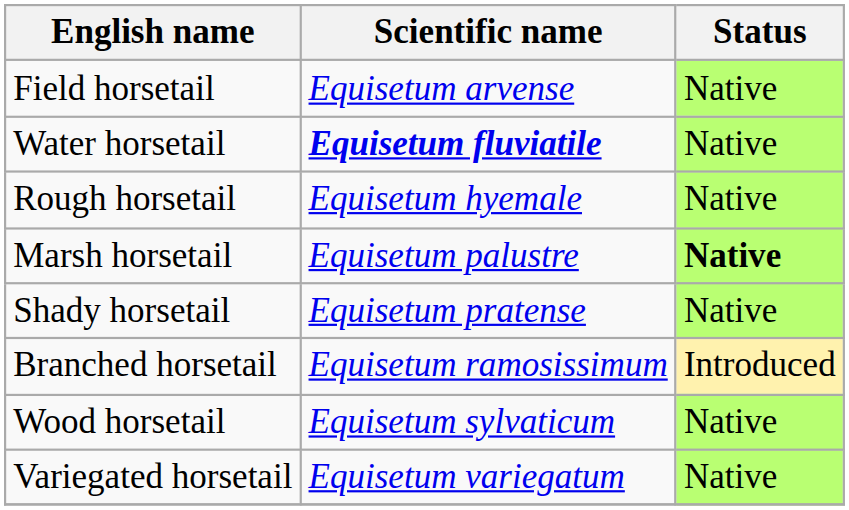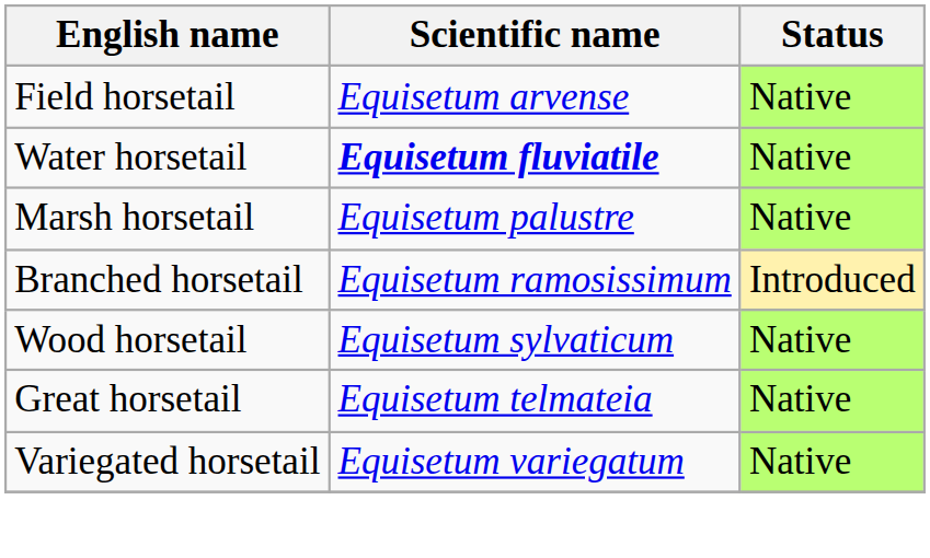 <table class="wikitable" |>
 <tr>
 <th>English name</th>
 <th>Scientific name</th>
 <th>Status</th>
 </tr>
 <tr>
 <td>Field horsetail</td>
 <td><em><a href='#'>Equisetum arvense</a></em></td>
 <td style="background: #B9FF72; text-align: ">Native</td>
 </tr>
 <tr>
 <td>Water horsetail</td>
 <td><strong><em><a href='#'>Equisetum fluviatile</a></em></strong></td>
 <td style="background: #B9FF72; text-align: ">Native</td>
 </tr>
 <tr>
-<td>Rough horsetail</td>
-<td><em><a href='#'>Equisetum hyemale</a></em></td>
-<td style="background: #B9FF72; text-align: ">Native</td>
-</tr>
-<tr>
 <td>Marsh horsetail</td>
 <td><em><a href='#'>Equisetum palustre</a></em></td>
-<td style="background: #B9FF72; text-align: "><strong>Native</strong></td>
-</tr>
-<tr>
-<td>Shady horsetail</td>
-<td><em><a href='#'>Equisetum pratense</a></em></td>
 <td style="background: #B9FF72; text-align: ">Native</td>
 </tr>
 <tr>
 <td>Branched horsetail</td>
 <td><em><a href='#'>Equisetum ramosissimum</a></em></td>
 <td style="background: #FFF2AE; text-align: ">Introduced</td>
 </tr>
 <tr>
 <td>Wood horsetail</td>
 <td><em><a href='#'>Equisetum sylvaticum</a></em></td>
 <td style="background: #B9FF72; text-align: ">Native</td>
 </tr>
 <tr>
+<td>Great horsetail</td>
+<td><em><a href='#'>Equisetum telmateia</a></em></td>
+<td style="background: #B9FF72; text-align: ">Native</td>
+</tr>
+<tr>
 <td>Variegated horsetail</td>
 <td><em><a href='#'>Equisetum variegatum</a></em></td>
 <td style="background: #B9FF72; text-align: ">Native</td>
 </tr>
 <tr>
 </tr>
 </table>
